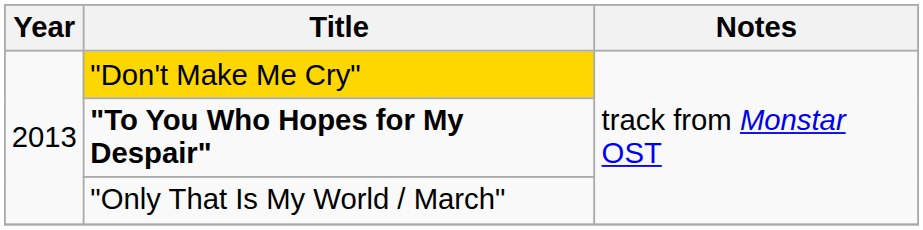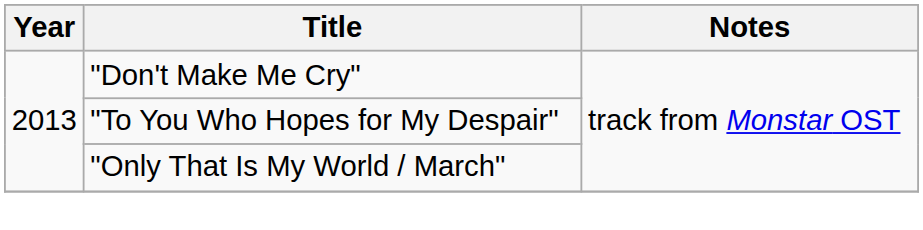 <table class="wikitable" style="width:500px">
 <tr>
 <th width=10>Year</th>
 <th>Title</th>
 <th>Notes</th>
 </tr>
 <tr>
 <td rowspan=3>2013</td>
-<td style="background: gold;">"Don't Make Me Cry"</td>
+<td>"Don't Make Me Cry"</td>
 <td rowspan=3>track from <a href='#'><em>Monstar</em> OST</a></td>
 </tr>
 <tr>
-<td><strong>"To You Who Hopes for My Despair"</strong></td>
+<td>"To You Who Hopes for My Despair"</td>
 </tr>
 <tr>
 <td>"Only That Is My World / March"</td>
 </tr>
 <tr>
 </tr>
 </table>
